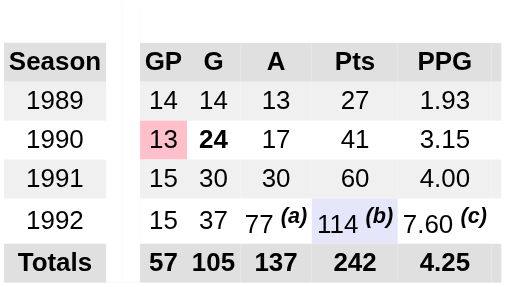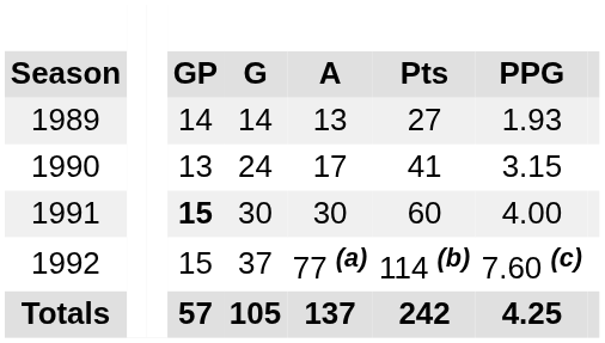 <table BORDER="0" CELLPADDING="3" CELLSPACING="0">
 <tr ALIGN="center" bgcolor="#e0e0e0">
 <th colspan="1" bgcolor="#ffffff"> </th>
 <th rowspan="99" bgcolor="#ffffff"> </th>
 <th rowspan="99" bgcolor="#ffffff"> </th>
 </tr>
 <tr ALIGN="center" bgcolor="#e0e0e0">
 <th>Season</th>
 <th>GP</th>
 <th>G</th>
 <th>A</th>
 <th>Pts</th>
 <th>PPG</th>
 <th></th>
 </tr>
 <tr ALIGN="center" bgcolor="#f0f0f0">
 <td>1989</td>
 <td>14</td>
 <td>14</td>
 <td>13</td>
 <td>27</td>
 <td>1.93</td>
 <td></td>
 </tr>
 <tr ALIGN="center">
 <td>1990</td>
-<td style="background: pink;">13</td>
-<td><strong>24</strong></td>
+<td>13</td>
+<td>24</td>
 <td>17</td>
 <td>41</td>
 <td>3.15</td>
 <td></td>
 </tr>
 <tr ALIGN="center" bgcolor="#f0f0f0">
 <td>1991</td>
-<td>15</td>
+<td><strong>15</strong></td>
 <td>30</td>
 <td>30</td>
 <td>60</td>
 <td>4.00</td>
 <td></td>
 </tr>
 <tr ALIGN="center">
 <td>1992</td>
 <td>15</td>
 <td>37</td>
 <td>77  <sup><strong><em>(a)</em></strong></sup></td>
-<td style="background: lavender;">114  <sup><strong><em>(b)</em></strong></sup></td>
+<td>114  <sup><strong><em>(b)</em></strong></sup></td>
 <td>7.60  <sup><strong><em>(c)</em></strong></sup></td>
 <td></td>
 </tr>
 <tr ALIGN="center" bgcolor="#e0e0e0">
 <th colspan="1.5">Totals</th>
 <th>57</th>
 <th>105</th>
 <th>137</th>
 <th>242</th>
 <th>4.25</th>
 <th></th>
 </tr>
 </table>
